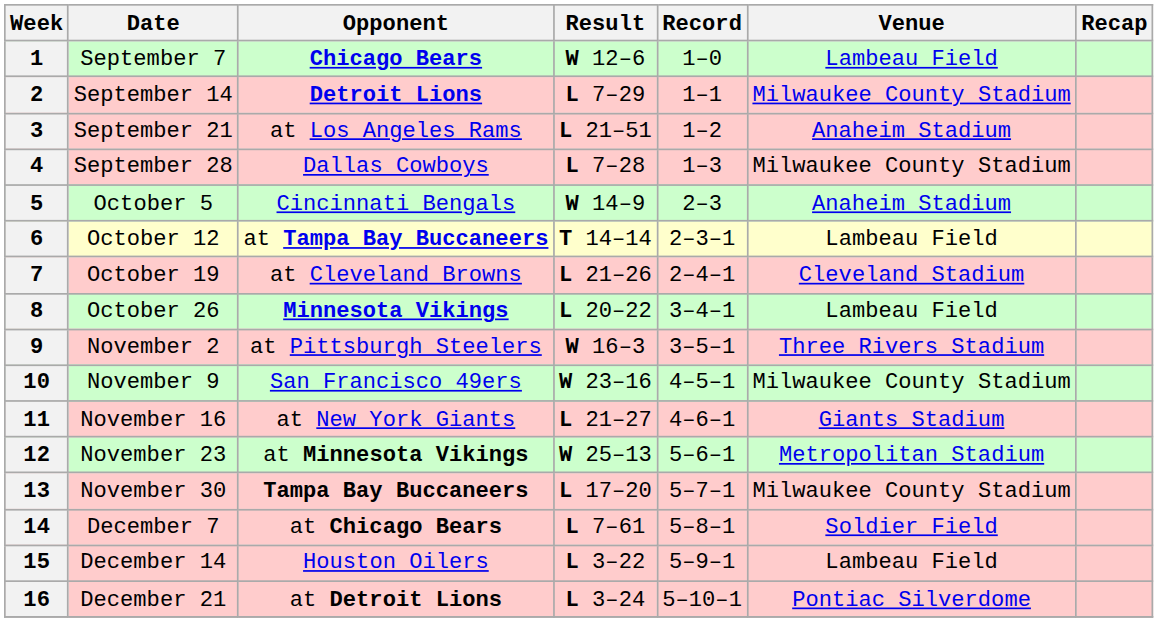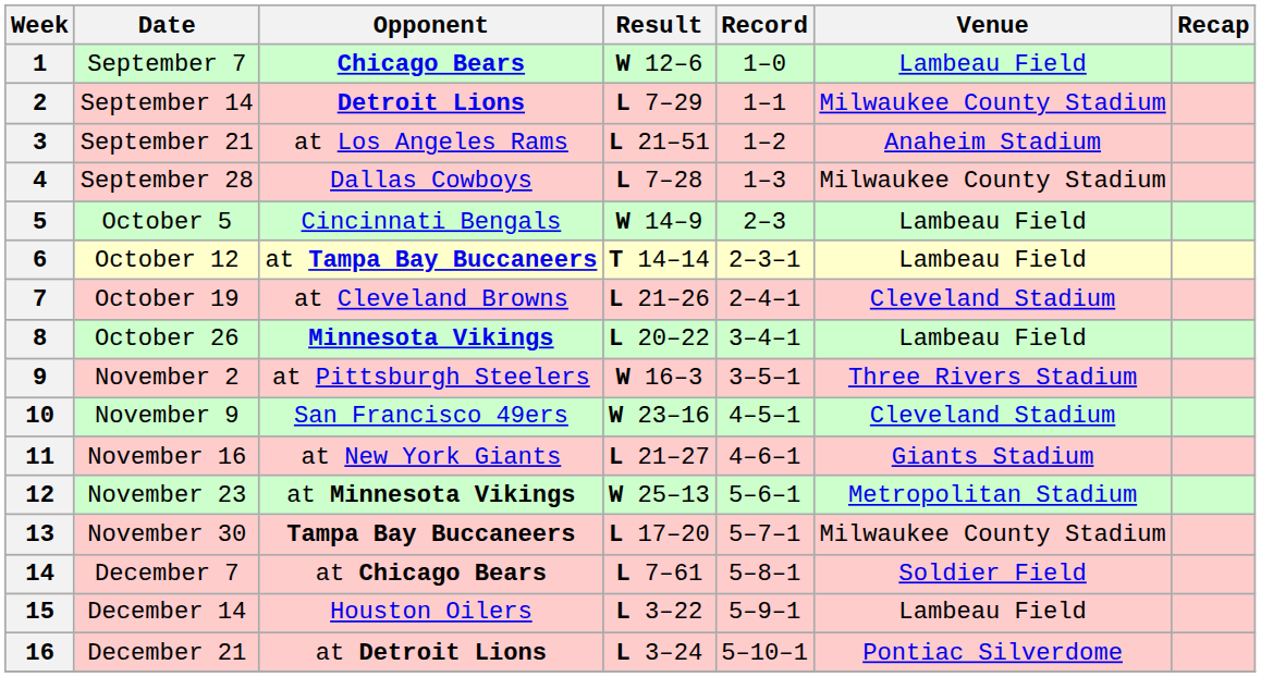 <table class="wikitable" style="text-align:center">
 <tr>
 <th>Week</th>
 <th>Date</th>
 <th>Opponent</th>
 <th>Result</th>
 <th>Record</th>
 <th>Venue</th>
 <th>Recap</th>
 </tr>
 <tr align="center" bgcolor="ccffcc">
 <th>1</th>
 <td>September 7</td>
 <td><strong><a href='#'>Chicago Bears</a></strong></td>
 <td><strong>W</strong> 12–6 </td>
 <td>1–0</td>
 <td><a href='#'>Lambeau Field</a></td>
 <td></td>
 </tr>
 <tr align="center" bgcolor="ffcccc">
 <th>2</th>
 <td>September 14</td>
 <td><strong><a href='#'>Detroit Lions</a></strong></td>
 <td><strong>L</strong> 7–29</td>
 <td>1–1</td>
 <td><a href='#'>Milwaukee County Stadium</a></td>
 <td></td>
 </tr>
 <tr align="center" bgcolor="ffcccc">
 <th>3</th>
 <td>September 21</td>
 <td>at <a href='#'>Los Angeles Rams</a></td>
 <td><strong>L</strong> 21–51</td>
 <td>1–2</td>
 <td><a href='#'>Anaheim Stadium</a></td>
 <td></td>
 </tr>
 <tr align="center" bgcolor="ffcccc">
 <th>4</th>
 <td>September 28</td>
 <td><a href='#'>Dallas Cowboys</a></td>
 <td><strong>L</strong> 7–28</td>
 <td>1–3</td>
 <td>Milwaukee County Stadium</td>
 <td></td>
 </tr>
 <tr align="center" bgcolor="ccffcc">
 <th>5</th>
 <td>October 5</td>
 <td><a href='#'>Cincinnati Bengals</a></td>
 <td><strong>W</strong> 14–9</td>
 <td>2–3</td>
-<td><a href='#'>Anaheim Stadium</a></td>
+<td>Lambeau Field</td>
 <td></td>
 </tr>
 <tr align="center" bgcolor="ffffcc">
 <th>6</th>
 <td>October 12</td>
 <td>at <strong><a href='#'>Tampa Bay Buccaneers</a></strong></td>
 <td><strong>T</strong> 14–14 </td>
 <td>2–3–1</td>
 <td>Lambeau Field</td>
 <td></td>
 </tr>
 <tr align="center" bgcolor="ffcccc">
 <th>7</th>
 <td>October 19</td>
 <td>at <a href='#'>Cleveland Browns</a></td>
 <td><strong>L</strong> 21–26</td>
 <td>2–4–1</td>
 <td><a href='#'>Cleveland Stadium</a></td>
 <td></td>
 </tr>
 <tr align="center" bgcolor="ccffcc">
 <th>8</th>
 <td>October 26</td>
 <td><strong><a href='#'>Minnesota Vikings</a></strong></td>
 <td><strong>L</strong> 20–22</td>
 <td>3–4–1</td>
 <td>Lambeau Field</td>
 <td></td>
 </tr>
 <tr align="center" bgcolor="ffcccc">
 <th>9</th>
 <td>November 2</td>
 <td>at <a href='#'>Pittsburgh Steelers</a></td>
 <td><strong>W</strong> 16–3</td>
 <td>3–5–1</td>
 <td><a href='#'>Three Rivers Stadium</a></td>
 <td></td>
 </tr>
 <tr align="center" bgcolor="ccffcc">
 <th>10</th>
 <td>November 9</td>
 <td><a href='#'>San Francisco 49ers</a></td>
 <td><strong>W</strong> 23–16</td>
 <td>4–5–1</td>
-<td>Milwaukee County Stadium</td>
+<td><a href='#'>Cleveland Stadium</a></td>
 <td></td>
 </tr>
 <tr align="center" bgcolor="ffcccc">
 <th>11</th>
 <td>November 16</td>
 <td>at <a href='#'>New York Giants</a></td>
 <td><strong>L</strong>  21–27</td>
 <td>4–6–1</td>
 <td><a href='#'>Giants Stadium</a></td>
 <td></td>
 </tr>
 <tr align="center" bgcolor="ccffcc">
 <th>12</th>
 <td>November 23</td>
 <td>at <strong>Minnesota Vikings</strong></td>
 <td><strong>W</strong>  25–13</td>
 <td>5–6–1</td>
 <td><a href='#'>Metropolitan Stadium</a></td>
 <td></td>
 </tr>
 <tr align="center" bgcolor="ffcccc">
 <th>13</th>
 <td>November 30</td>
 <td><strong>Tampa Bay Buccaneers</strong></td>
 <td><strong>L</strong> 17–20</td>
 <td>5–7–1</td>
 <td>Milwaukee County Stadium</td>
 <td></td>
 </tr>
 <tr align="center" bgcolor="ffcccc">
 <th>14</th>
 <td>December 7</td>
 <td>at <strong>Chicago Bears</strong></td>
 <td><strong>L</strong>  7–61</td>
 <td>5–8–1</td>
 <td><a href='#'>Soldier Field</a></td>
 <td></td>
 </tr>
 <tr align="center" bgcolor="ffcccc">
 <th>15</th>
 <td>December 14</td>
 <td><a href='#'>Houston Oilers</a></td>
 <td><strong>L</strong> 3–22</td>
 <td>5–9–1</td>
 <td>Lambeau Field</td>
 <td></td>
 </tr>
 <tr align="center" bgcolor="ffcccc">
 <th>16</th>
 <td>December 21</td>
 <td>at <strong>Detroit Lions</strong></td>
 <td><strong>L</strong> 3–24</td>
 <td>5–10–1</td>
 <td><a href='#'>Pontiac Silverdome</a></td>
 <td></td>
 </tr>
 <tr align="center" bgcolor="">
 </tr>
 </table>
